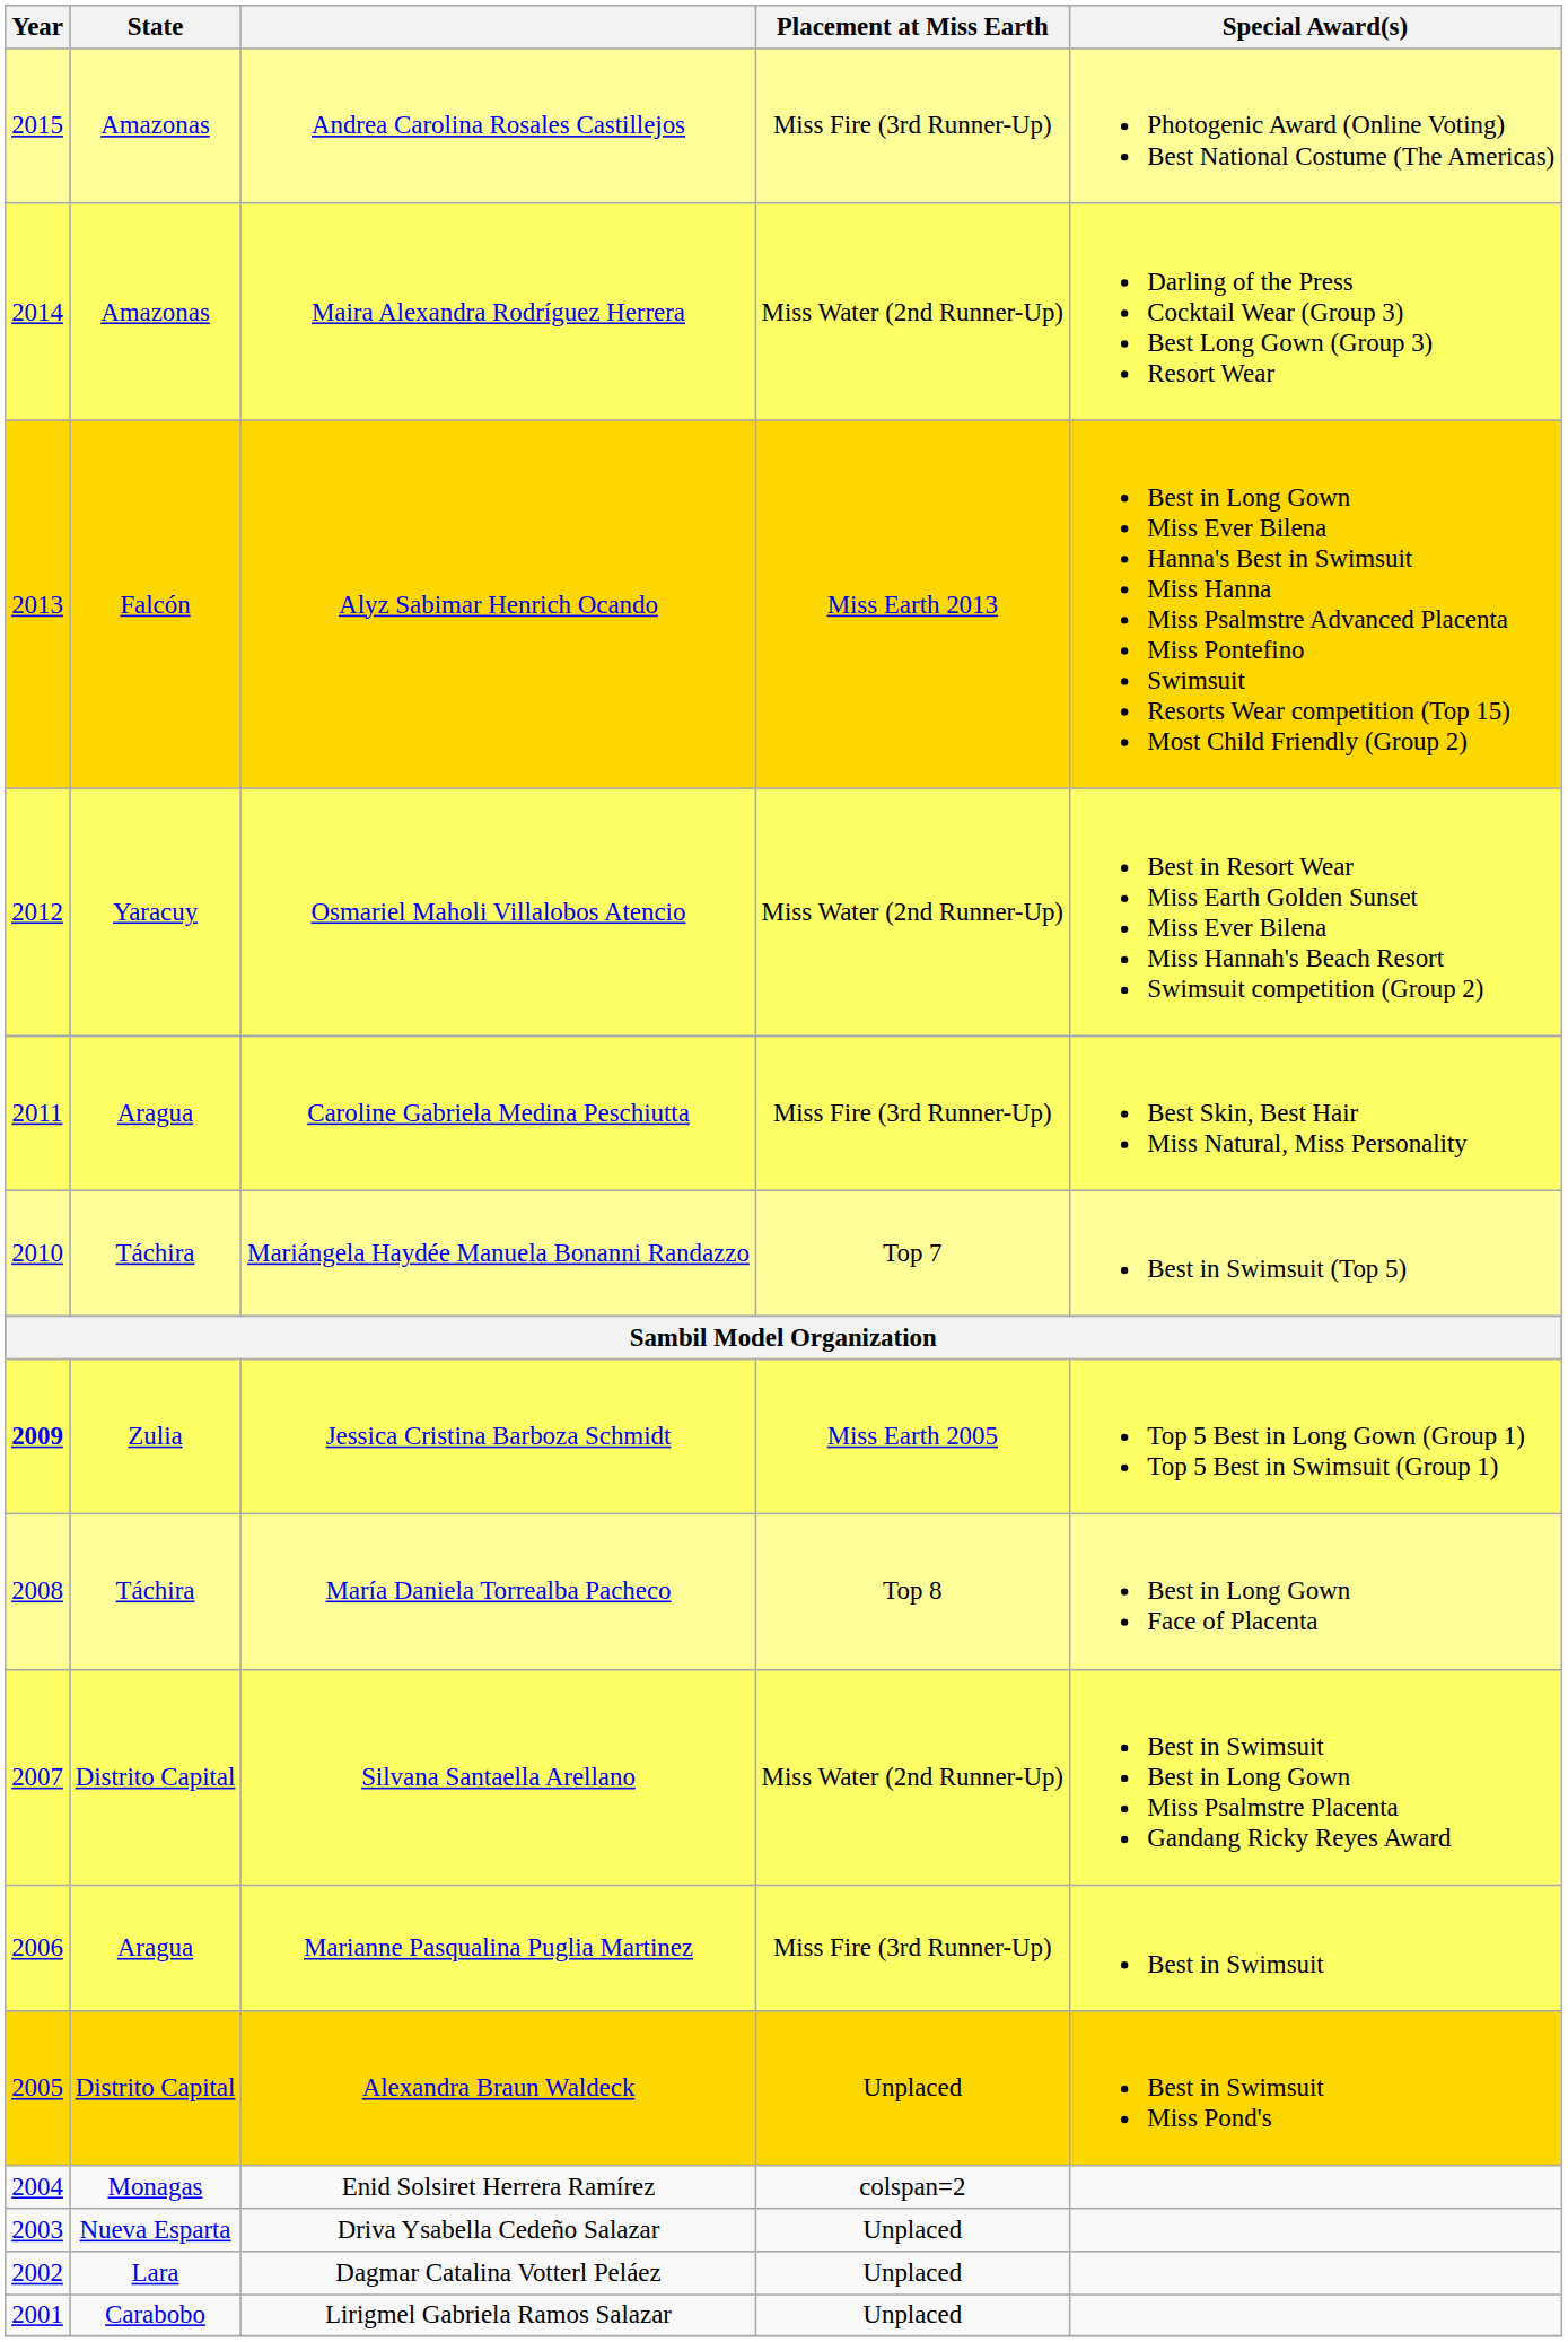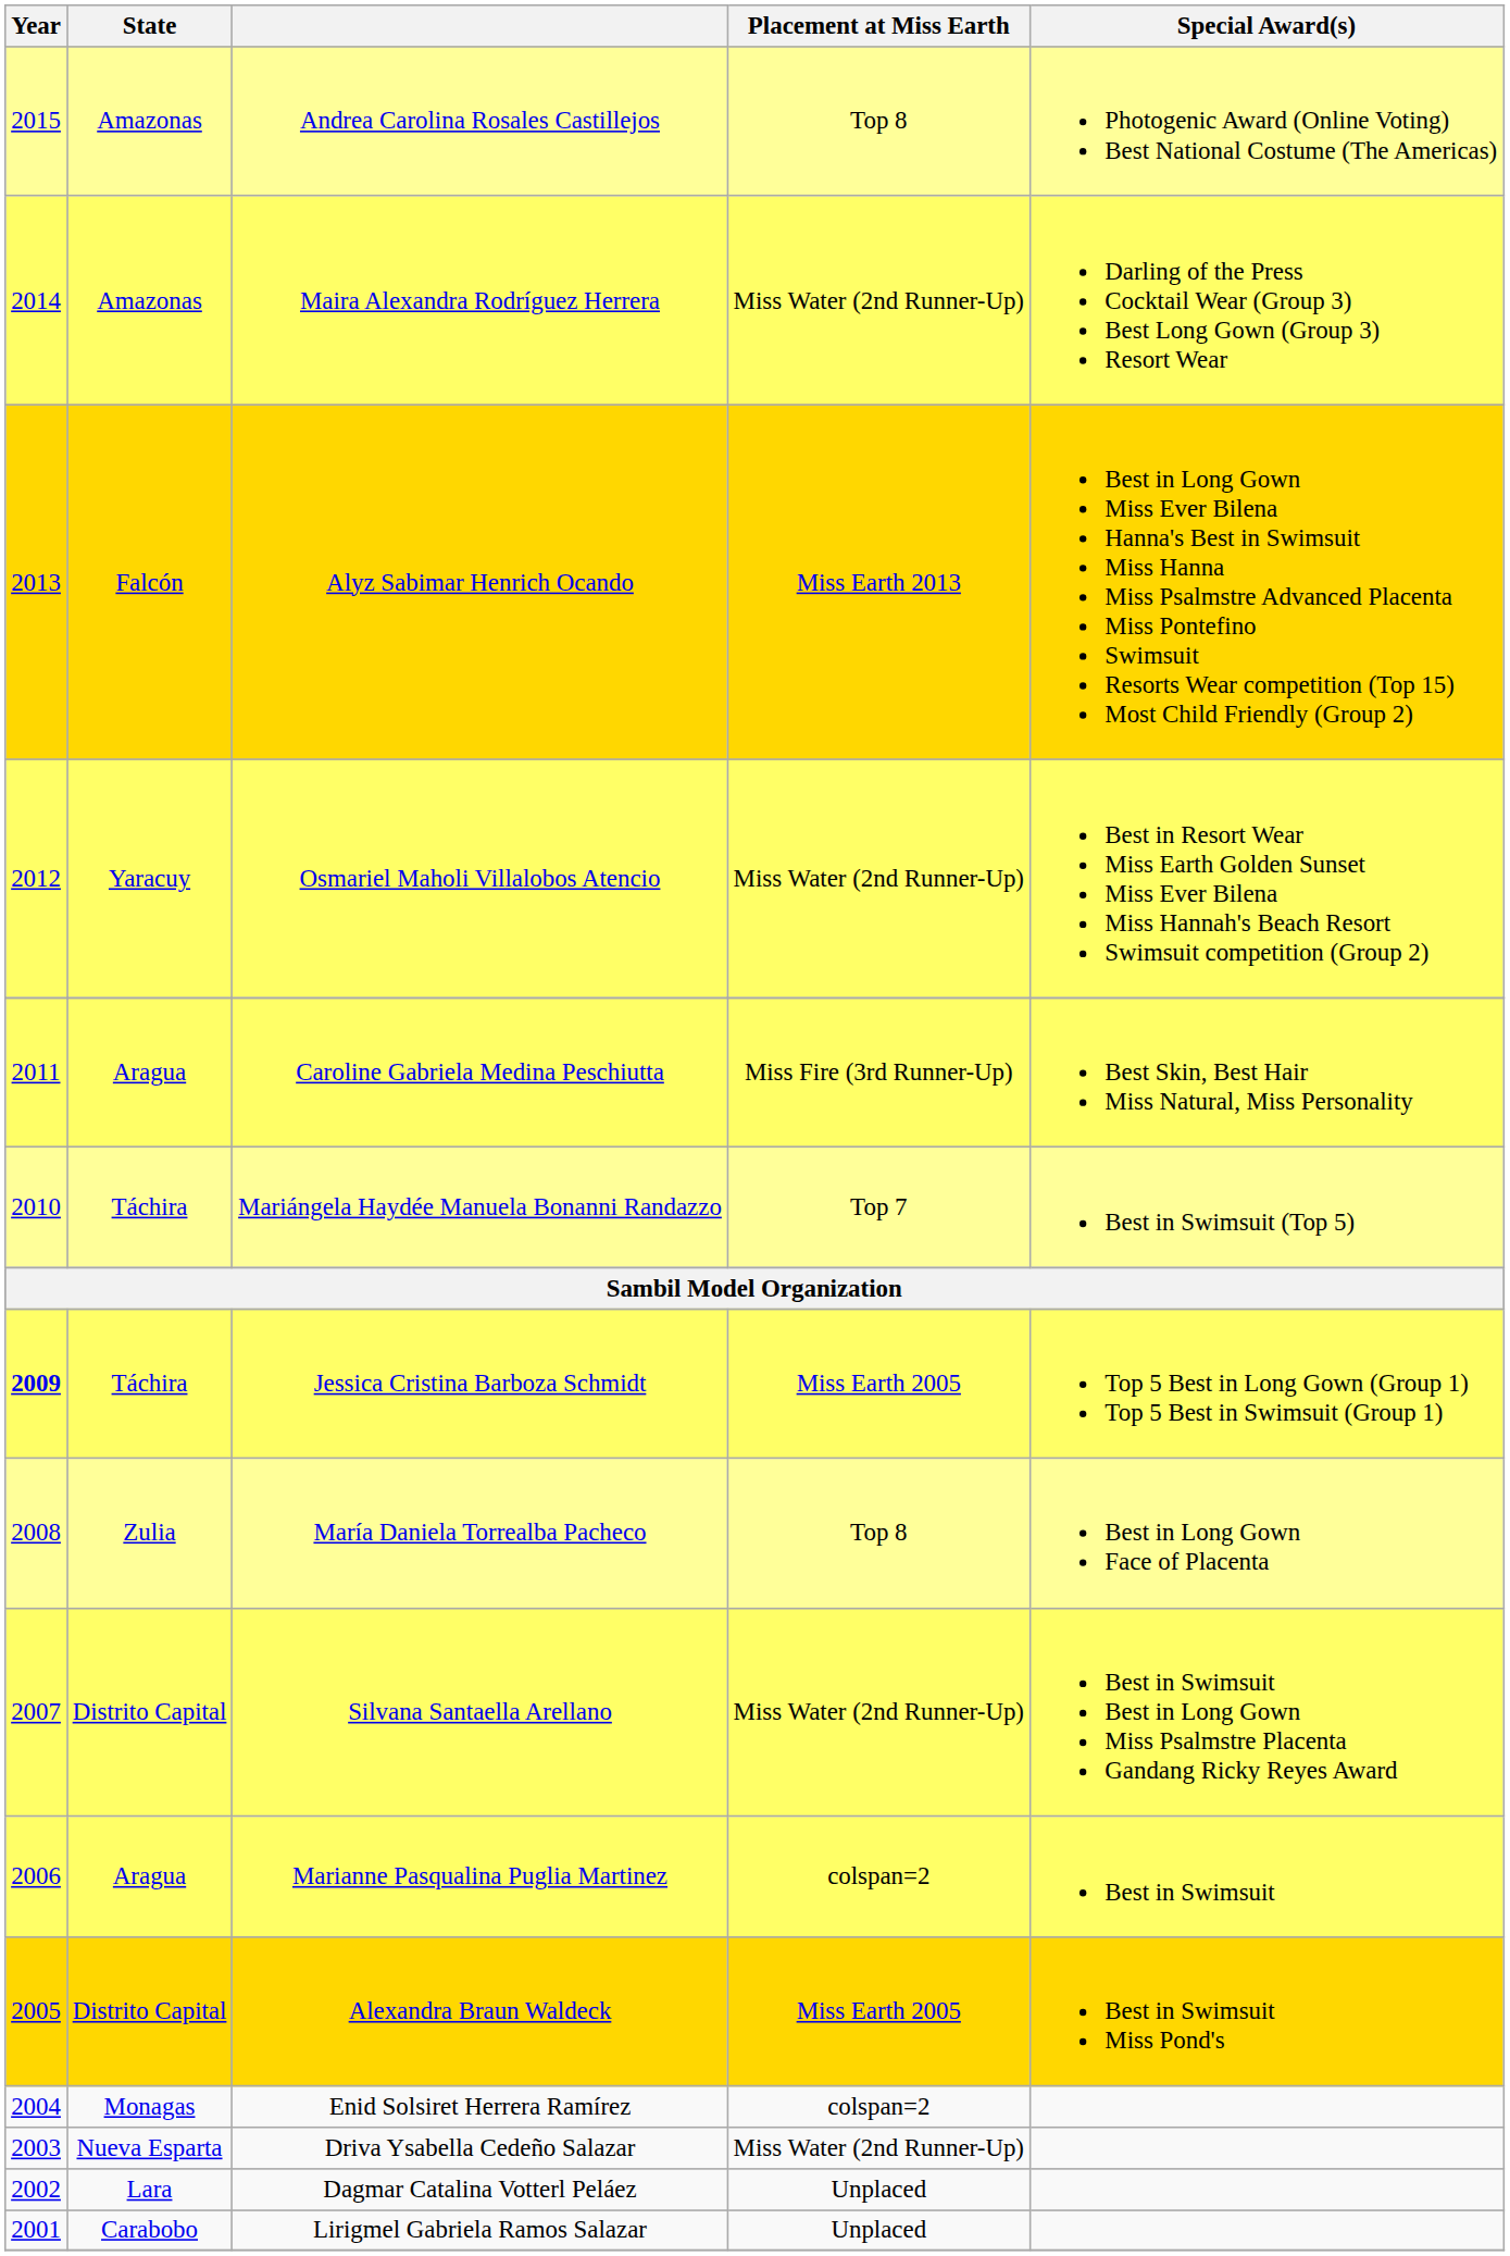 <table class="wikitable " style="font-size: 90%; text-align:center;">
 <tr>
 <th>Year</th>
 <th>State</th>
 <th></th>
 <th>Placement at Miss Earth</th>
 <th>Special Award(s)</th>
 </tr>
 <tr style="background-color:#FFFF99;">
 <td><a href='#'>2015</a></td>
 <td><a href='#'>Amazonas</a></td>
 <td><a href='#'>Andrea Carolina Rosales Castillejos</a></td>
-<td>Miss Fire (3rd Runner-Up)</td>
+<td>Top 8</td>
 <td align="left"><br><ul><li> Photogenic Award (Online Voting)</li><li> Best National Costume (The Americas)</li></ul></td>
 </tr>
 <tr style="background-color:#FFFF66;">
 <td><a href='#'>2014</a></td>
 <td><a href='#'>Amazonas</a></td>
 <td><a href='#'>Maira Alexandra Rodríguez Herrera</a></td>
 <td>Miss Water (2nd Runner-Up)</td>
 <td align="left"><br><ul><li> Darling of the Press</li><li> Cocktail Wear (Group 3)</li><li> Best Long Gown (Group 3)</li><li> Resort Wear</li></ul></td>
 </tr>
 <tr style="background-color:gold; ">
 <td><a href='#'>2013</a></td>
 <td><a href='#'>Falcón</a></td>
 <td><a href='#'>Alyz Sabimar Henrich Ocando</a></td>
 <td><a href='#'>Miss Earth 2013</a></td>
 <td align="left"><br><ul><li>Best in Long Gown</li><li>Miss Ever Bilena</li><li>Hanna's Best in Swimsuit</li><li>Miss Hanna</li><li>Miss Psalmstre Advanced Placenta</li><li>Miss Pontefino</li><li> Swimsuit</li><li>Resorts Wear competition (Top 15)</li><li> Most Child Friendly (Group 2)</li></ul></td>
 </tr>
 <tr style="background-color:#FFFF66;">
 <td><a href='#'>2012</a></td>
 <td><a href='#'>Yaracuy</a></td>
 <td><a href='#'>Osmariel Maholi Villalobos Atencio</a></td>
 <td>Miss Water (2nd Runner-Up)</td>
 <td align="left"><br><ul><li>Best in Resort Wear</li><li>Miss Earth Golden Sunset</li><li>Miss Ever Bilena</li><li>Miss Hannah's Beach Resort</li><li> Swimsuit competition (Group 2)</li></ul></td>
 </tr>
 <tr>
 </tr>
 <tr style="background-color:#FFFF66;">
 <td><a href='#'>2011</a></td>
 <td><a href='#'>Aragua</a></td>
 <td><a href='#'>Caroline Gabriela Medina Peschiutta</a></td>
 <td>Miss Fire (3rd Runner-Up)</td>
 <td align="left"><br><ul><li>Best Skin, Best Hair</li><li>Miss Natural, Miss Personality</li></ul></td>
 </tr>
 <tr style="background-color:#FFFF99;">
 <td><a href='#'>2010</a></td>
 <td><a href='#'>Táchira</a></td>
 <td><a href='#'>Mariángela Haydée Manuela Bonanni Randazzo</a></td>
 <td>Top 7</td>
 <td align="left"><br><ul><li>Best in Swimsuit (Top 5)</li></ul></td>
 </tr>
 <tr bgcolor="#787878" align="center">
 <th colspan="5">Sambil Model Organization</th>
 </tr>
 <tr style="background-color:#FFFF66;">
 <td><strong><a href='#'>2009</a></strong></td>
-<td><a href='#'>Zulia</a></td>
+<td><a href='#'>Táchira</a></td>
 <td><a href='#'>Jessica Cristina Barboza Schmidt</a></td>
 <td><a href='#'>Miss Earth 2005</a></td>
 <td align="left"><br><ul><li>Top 5 Best in Long Gown (Group 1)</li><li>Top 5 Best in Swimsuit (Group 1)</li></ul></td>
 </tr>
 <tr style="background-color:#FFFF99;">
 <td><a href='#'>2008</a></td>
-<td><a href='#'>Táchira</a></td>
+<td><a href='#'>Zulia</a></td>
 <td><a href='#'>María Daniela Torrealba Pacheco</a></td>
 <td>Top 8</td>
 <td align="left"><br><ul><li>Best in Long Gown</li><li>Face of Placenta</li></ul></td>
 </tr>
 <tr style="background-color:#FFFF66;">
 <td><a href='#'>2007</a></td>
 <td><a href='#'>Distrito Capital</a></td>
 <td><a href='#'>Silvana Santaella Arellano</a></td>
 <td>Miss Water (2nd Runner-Up)</td>
 <td align="left"><br><ul><li>Best in Swimsuit</li><li>Best in Long Gown</li><li>Miss Psalmstre Placenta</li><li>Gandang Ricky Reyes Award</li></ul></td>
 </tr>
 <tr style="background-color:#FFFF66;">
 <td><a href='#'>2006</a></td>
 <td><a href='#'>Aragua</a></td>
 <td><a href='#'>Marianne Pasqualina Puglia Martinez</a></td>
-<td>Miss Fire (3rd Runner-Up)</td>
+<td>colspan=2 </td>
 <td align="left"><br><ul><li>Best in Swimsuit</li></ul></td>
 </tr>
 <tr style="background-color:gold; ">
 <td><a href='#'>2005</a></td>
 <td><a href='#'>Distrito Capital</a></td>
 <td><a href='#'>Alexandra Braun Waldeck</a></td>
-<td>Unplaced</td>
+<td><a href='#'>Miss Earth 2005</a></td>
 <td align="left"><br><ul><li>Best in Swimsuit</li><li>Miss Pond's</li></ul></td>
 </tr>
 <tr>
 <td><a href='#'>2004</a></td>
 <td><a href='#'>Monagas</a></td>
 <td>Enid Solsiret Herrera Ramírez</td>
 <td>colspan=2 </td>
 </tr>
 <tr>
 <td><a href='#'>2003</a></td>
 <td><a href='#'>Nueva Esparta</a></td>
 <td>Driva Ysabella Cedeño Salazar</td>
-<td>Unplaced</td>
+<td>Miss Water (2nd Runner-Up)</td>
 <td></td>
 </tr>
 <tr>
 <td><a href='#'>2002</a></td>
 <td><a href='#'>Lara</a></td>
 <td>Dagmar Catalina Votterl Peláez</td>
 <td>Unplaced</td>
 <td></td>
 </tr>
 <tr>
 <td><a href='#'>2001</a></td>
 <td><a href='#'>Carabobo</a></td>
 <td>Lirigmel Gabriela Ramos Salazar</td>
 <td>Unplaced</td>
 <td></td>
 </tr>
 <tr>
 </tr>
 </table>
